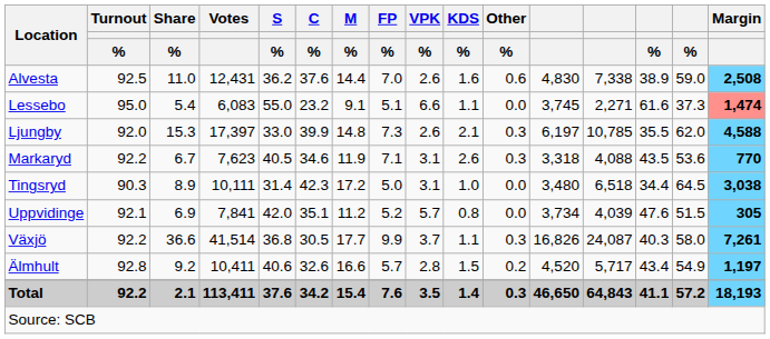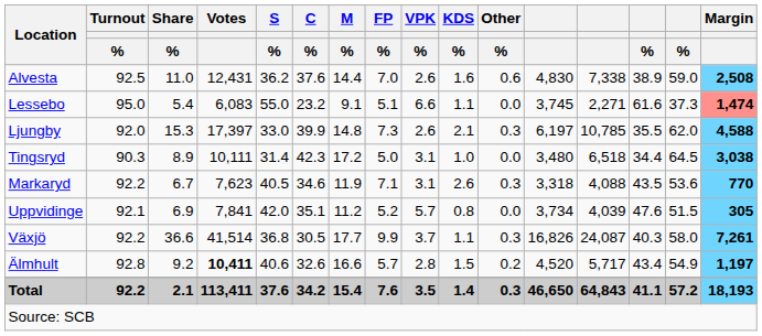 <table class="wikitable sortable" style="text-align:right; font-size:95%; line-height:20px;">
 <tr>
 <th rowspan="3">Location</th>
 <th>Turnout</th>
 <th>Share</th>
 <th>Votes</th>
 <th width="30px" class="unsortable"><a href='#'>S</a></th>
 <th width="30px" class="unsortable"><a href='#'>C</a></th>
 <th width="30px" class="unsortable"><a href='#'>M</a></th>
 <th width="30px" class="unsortable"><a href='#'>FP</a></th>
 <th width="30px" class="unsortable"><a href='#'>VPK</a></th>
 <th width="30px" class="unsortable"><a href='#'>KDS</a></th>
 <th width="30px" class="unsortable">Other</th>
 <th></th>
 <th></th>
 <th></th>
 <th></th>
 <th>Margin</th>
 </tr>
 <tr>
 <th></th>
 <th></th>
 <th></th>
 <th style="background:"></th>
 <th style="background:"></th>
 <th style="background:"></th>
 <th style="background:"></th>
 <th style="background:"></th>
 <th style="background:"></th>
 <th style="background:"></th>
 <th style="background:"></th>
 <th style="background:"></th>
 <th style="background:"></th>
 <th style="background:"></th>
 <th></th>
 </tr>
 <tr>
 <th data-sort-type="number">%</th>
 <th data-sort-type="number">%</th>
 <th></th>
 <th data-sort-type="number">%</th>
 <th data-sort-type="number">%</th>
 <th data-sort-type="number">%</th>
 <th data-sort-type="number">%</th>
 <th data-sort-type="number">%</th>
 <th data-sort-type="number">%</th>
 <th data-sort-type="number">%</th>
 <th data-sort-type="number"></th>
 <th data-sort-type="number"></th>
 <th data-sort-type="number">%</th>
 <th data-sort-type="number">%</th>
 <th data-sort-type="number"></th>
 </tr>
 <tr>
 <td align=left><a href='#'>Alvesta</a></td>
 <td>92.5</td>
 <td>11.0</td>
 <td>12,431</td>
 <td>36.2</td>
 <td>37.6</td>
 <td>14.4</td>
 <td>7.0</td>
 <td>2.6</td>
 <td>1.6</td>
 <td>0.6</td>
 <td>4,830</td>
 <td>7,338</td>
 <td>38.9</td>
 <td>59.0</td>
 <td bgcolor=#6fd5fe><strong>2,508</strong></td>
 </tr>
 <tr>
 <td align=left><a href='#'>Lessebo</a></td>
 <td>95.0</td>
 <td>5.4</td>
 <td>6,083</td>
 <td>55.0</td>
 <td>23.2</td>
 <td>9.1</td>
 <td>5.1</td>
 <td>6.6</td>
 <td>1.1</td>
 <td>0.0</td>
 <td>3,745</td>
 <td>2,271</td>
 <td>61.6</td>
 <td>37.3</td>
 <td bgcolor=#ff908c><strong>1,474</strong></td>
 </tr>
 <tr>
 <td align=left><a href='#'>Ljungby</a></td>
 <td>92.0</td>
 <td>15.3</td>
 <td>17,397</td>
 <td>33.0</td>
 <td>39.9</td>
 <td>14.8</td>
 <td>7.3</td>
 <td>2.6</td>
 <td>2.1</td>
 <td>0.3</td>
 <td>6,197</td>
 <td>10,785</td>
 <td>35.5</td>
 <td>62.0</td>
 <td bgcolor=#6fd5fe><strong>4,588</strong></td>
 </tr>
 <tr>
+<td align=left><a href='#'>Tingsryd</a></td>
+<td>90.3</td>
+<td>8.9</td>
+<td>10,111</td>
+<td>31.4</td>
+<td>42.3</td>
+<td>17.2</td>
+<td>5.0</td>
+<td>3.1</td>
+<td>1.0</td>
+<td>0.0</td>
+<td>3,480</td>
+<td>6,518</td>
+<td>34.4</td>
+<td>64.5</td>
+<td bgcolor=#6fd5fe><strong>3,038</strong></td>
+</tr>
+<tr>
 <td align=left><a href='#'>Markaryd</a></td>
 <td>92.2</td>
 <td>6.7</td>
 <td>7,623</td>
 <td>40.5</td>
 <td>34.6</td>
 <td>11.9</td>
 <td>7.1</td>
 <td>3.1</td>
 <td>2.6</td>
 <td>0.3</td>
 <td>3,318</td>
 <td>4,088</td>
 <td>43.5</td>
 <td>53.6</td>
 <td bgcolor=#6fd5fe><strong>770</strong></td>
-</tr>
-<tr>
-<td align=left><a href='#'>Tingsryd</a></td>
-<td>90.3</td>
-<td>8.9</td>
-<td>10,111</td>
-<td>31.4</td>
-<td>42.3</td>
-<td>17.2</td>
-<td>5.0</td>
-<td>3.1</td>
-<td>1.0</td>
-<td>0.0</td>
-<td>3,480</td>
-<td>6,518</td>
-<td>34.4</td>
-<td>64.5</td>
-<td bgcolor=#6fd5fe><strong>3,038</strong></td>
 </tr>
 <tr>
 <td align=left><a href='#'>Uppvidinge</a></td>
 <td>92.1</td>
 <td>6.9</td>
 <td>7,841</td>
 <td>42.0</td>
 <td>35.1</td>
 <td>11.2</td>
 <td>5.2</td>
 <td>5.7</td>
 <td>0.8</td>
 <td>0.0</td>
 <td>3,734</td>
 <td>4,039</td>
 <td>47.6</td>
 <td>51.5</td>
 <td bgcolor=#6fd5fe><strong>305</strong></td>
 </tr>
 <tr>
 <td align=left><a href='#'>Växjö</a></td>
 <td>92.2</td>
 <td>36.6</td>
 <td>41,514</td>
 <td>36.8</td>
 <td>30.5</td>
 <td>17.7</td>
 <td>9.9</td>
 <td>3.7</td>
 <td>1.1</td>
 <td>0.3</td>
 <td>16,826</td>
 <td>24,087</td>
 <td>40.3</td>
 <td>58.0</td>
 <td bgcolor=#6fd5fe><strong>7,261</strong></td>
 </tr>
 <tr>
 <td align=left><a href='#'>Älmhult</a></td>
 <td>92.8</td>
 <td>9.2</td>
-<td>10,411</td>
+<td><strong>10,411</strong></td>
 <td>40.6</td>
 <td>32.6</td>
 <td>16.6</td>
 <td>5.7</td>
 <td>2.8</td>
 <td>1.5</td>
 <td>0.2</td>
 <td>4,520</td>
 <td>5,717</td>
 <td>43.4</td>
 <td>54.9</td>
 <td bgcolor=#6fd5fe><strong>1,197</strong></td>
 </tr>
 <tr>
 </tr>
 <tr style="background:#CDCDCD;">
 <td align=left><strong>Total</strong></td>
 <td><strong>92.2</strong></td>
 <td><strong>2.1</strong></td>
 <td><strong>113,411</strong></td>
 <td><strong>37.6</strong></td>
 <td><strong>34.2</strong></td>
 <td><strong>15.4</strong></td>
 <td><strong>7.6</strong></td>
 <td><strong>3.5</strong></td>
 <td><strong>1.4</strong></td>
 <td><strong>0.3</strong></td>
 <td><strong>46,650</strong></td>
 <td><strong>64,843</strong></td>
 <td><strong>41.1</strong></td>
 <td><strong>57.2</strong></td>
 <td bgcolor=#6fd5fe><strong>18,193</strong></td>
 </tr>
 <tr>
 <td align=left colspan=16>Source: SCB </td>
 </tr>
 </table>
